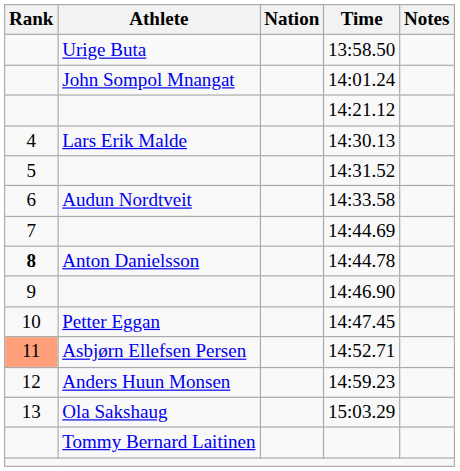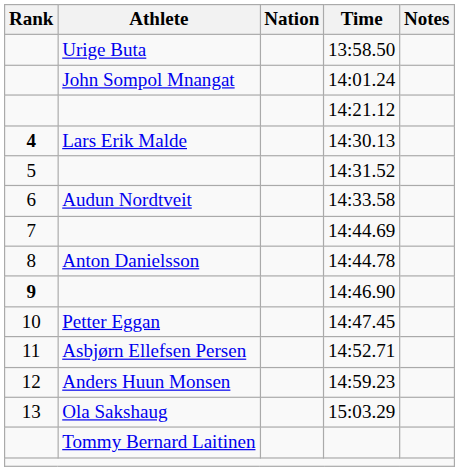 <table class="wikitable mw-datatable sortable" style="text-align:center;">
 <tr>
 <th scope="col" style="width: 10px;">Rank</th>
 <th scope="col">Athlete</th>
 <th scope="col">Nation</th>
 <th scope="col">Time</th>
 <th scope="col">Notes</th>
 </tr>
 <tr>
 <td></td>
 <td align="left"><a href='#'>Urige Buta</a></td>
 <td align="left"></td>
 <td>13:58.50</td>
 <td></td>
 </tr>
 <tr>
 <td></td>
 <td align="left"><a href='#'>John Sompol Mnangat</a></td>
 <td align="left"></td>
 <td>14:01.24</td>
 <td></td>
 </tr>
 <tr>
 <td></td>
 <td align="left"></td>
 <td align="left"></td>
 <td>14:21.12</td>
 <td></td>
 </tr>
 <tr>
-<td>4</td>
+<td><strong>4</strong></td>
 <td align="left"><a href='#'>Lars Erik Malde</a></td>
 <td align="left"></td>
 <td>14:30.13</td>
 <td></td>
 </tr>
 <tr>
 <td>5</td>
 <td align="left"></td>
 <td align="left"></td>
 <td>14:31.52</td>
 <td></td>
 </tr>
 <tr>
 <td>6</td>
 <td align="left"><a href='#'>Audun Nordtveit</a></td>
 <td align="left"></td>
 <td>14:33.58</td>
 <td></td>
 </tr>
 <tr>
 <td>7</td>
 <td align="left"></td>
 <td align="left"></td>
 <td>14:44.69</td>
 <td></td>
 </tr>
 <tr>
-<td><strong>8</strong></td>
+<td>8</td>
 <td align="left"><a href='#'>Anton Danielsson</a></td>
 <td align="left"></td>
 <td>14:44.78</td>
 <td></td>
 </tr>
 <tr>
-<td>9</td>
+<td><strong>9</strong></td>
 <td align="left"></td>
 <td align="left"></td>
 <td>14:46.90</td>
 <td></td>
 </tr>
 <tr>
 <td>10</td>
 <td align="left"><a href='#'>Petter Eggan</a></td>
 <td align="left"></td>
 <td>14:47.45</td>
 <td></td>
 </tr>
 <tr>
-<td style="background: lightsalmon;">11</td>
+<td>11</td>
 <td align="left"><a href='#'>Asbjørn Ellefsen Persen</a></td>
 <td align="left"></td>
 <td>14:52.71</td>
 <td></td>
 </tr>
 <tr>
 <td>12</td>
 <td align="left"><a href='#'>Anders Huun Monsen</a></td>
 <td align="left"></td>
 <td>14:59.23</td>
 <td></td>
 </tr>
 <tr>
 <td>13</td>
 <td align="left"><a href='#'>Ola Sakshaug</a></td>
 <td align="left"></td>
 <td>15:03.29</td>
 <td></td>
 </tr>
 <tr>
 <td></td>
 <td align="left"><a href='#'>Tommy Bernard Laitinen</a></td>
 <td align="left"></td>
 <td></td>
 <td></td>
 </tr>
 <tr class="sortbottom">
 <td colspan="5"></td>
 </tr>
 </table>
